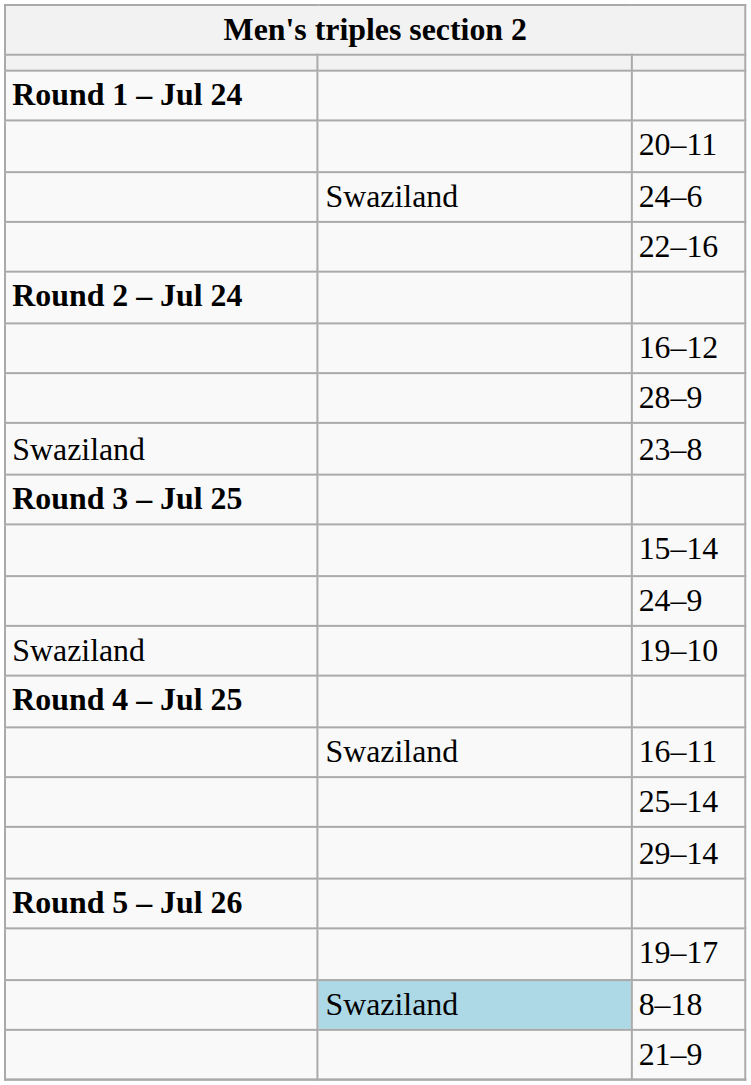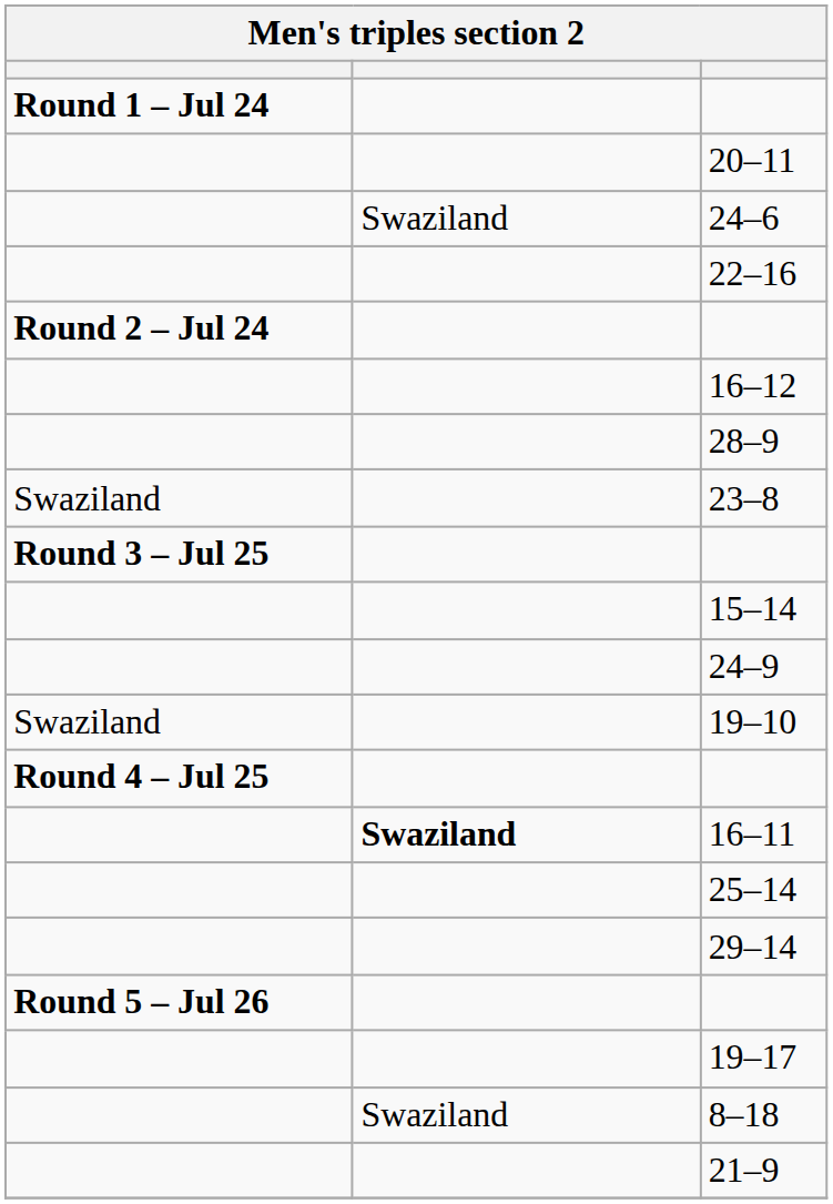 <table class="wikitable">
 <tr>
 <th colspan="3">Men's triples section 2</th>
 </tr>
 <tr>
 <th width=150></th>
 <th width=150></th>
 <th width=50></th>
 </tr>
 <tr>
 <td><strong>Round 1 – Jul 24</strong></td>
 <td></td>
 <td></td>
 </tr>
 <tr>
 <td></td>
 <td></td>
 <td>20–11</td>
 </tr>
 <tr>
 <td></td>
 <td> Swaziland</td>
 <td>24–6</td>
 </tr>
 <tr>
 <td></td>
 <td></td>
 <td>22–16</td>
 </tr>
 <tr>
 <td><strong>Round 2 – Jul 24</strong></td>
 <td></td>
 <td></td>
 </tr>
 <tr>
 <td></td>
 <td></td>
 <td>16–12</td>
 </tr>
 <tr>
 <td></td>
 <td></td>
 <td>28–9</td>
 </tr>
 <tr>
 <td> Swaziland</td>
 <td></td>
 <td>23–8</td>
 </tr>
 <tr>
 <td><strong>Round 3 – Jul 25</strong></td>
 <td></td>
 <td></td>
 </tr>
 <tr>
 <td></td>
 <td></td>
 <td>15–14</td>
 </tr>
 <tr>
 <td></td>
 <td></td>
 <td>24–9</td>
 </tr>
 <tr>
 <td> Swaziland</td>
 <td></td>
 <td>19–10</td>
 </tr>
 <tr>
 <td><strong>Round 4 – Jul 25</strong></td>
 <td></td>
 <td></td>
 </tr>
 <tr>
 <td></td>
-<td> Swaziland</td>
+<td><strong> Swaziland</strong></td>
 <td>16–11</td>
 </tr>
 <tr>
 <td></td>
 <td></td>
 <td>25–14</td>
 </tr>
 <tr>
 <td></td>
 <td></td>
 <td>29–14</td>
 </tr>
 <tr>
 <td><strong>Round 5 – Jul 26</strong></td>
 <td></td>
 <td></td>
 </tr>
 <tr>
 <td></td>
 <td></td>
 <td>19–17</td>
 </tr>
 <tr>
 <td></td>
-<td style="background: lightblue;"> Swaziland</td>
+<td> Swaziland</td>
 <td>8–18</td>
 </tr>
 <tr>
 <td></td>
 <td></td>
 <td>21–9</td>
 </tr>
 <tr>
 </tr>
 </table>
